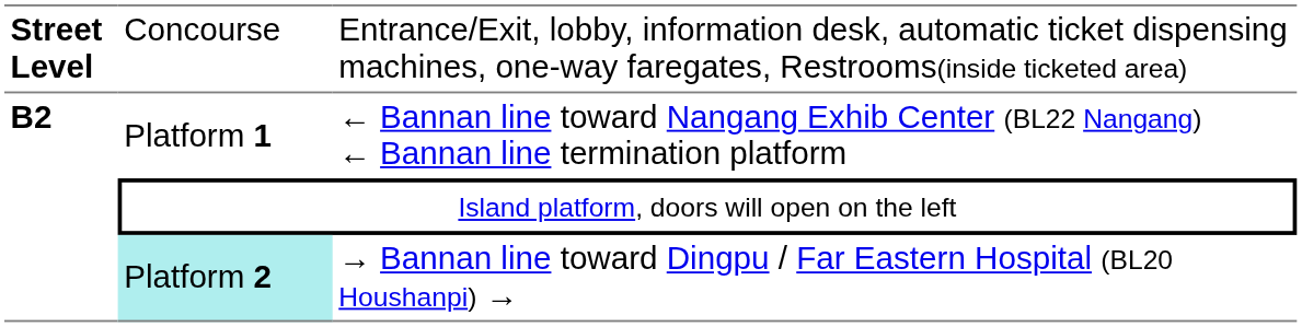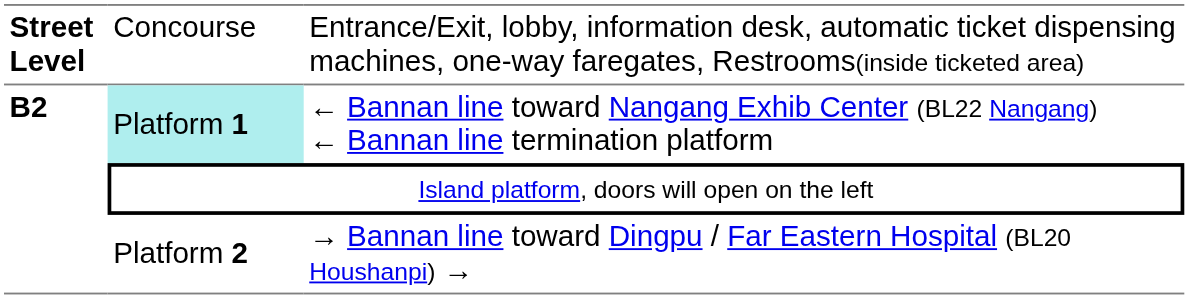 <table table border=0 cellspacing=0 cellpadding=3>
 <tr>
 <td style="border-top:solid 1px gray;border-bottom:solid 1px gray;" width=50 valign=top><strong>Street Level</strong></td>
 <td style="border-top:solid 1px gray;border-bottom:solid 1px gray;" width=100 valign=top>Concourse</td>
 <td style="border-top:solid 1px gray;border-bottom:solid 1px gray;" width=470 valign=top>Entrance/Exit, lobby, information desk, automatic ticket dispensing machines, one-way faregates, Restrooms<small>(inside ticketed area)</small></td>
 </tr>
 <tr>
 <td style="border-bottom:solid 1px gray;" rowspan=3 valign=top><strong>B2</strong></td>
-<td>Platform <span><strong>1</strong></span></td>
+<td style="background: paleturquoise;">Platform <span><strong>1</strong></span></td>
 <td>←  <a href='#'>Bannan line</a> toward <a href='#'>Nangang Exhib Center</a> <small>(BL22 <a href='#'>Nangang</a>)</small> <br>←  <a href='#'>Bannan line</a> termination platform</td>
 </tr>
 <tr>
 <td style="border-top:solid 2px black;border-right:solid 2px black;border-left:solid 2px black;border-bottom:solid 2px black;text-align:center;" colspan=2><small><a href='#'>Island platform</a>, doors will open on the left</small></td>
 </tr>
 <tr>
-<td style="background: paleturquoise; border-bottom:solid 1px gray;">Platform <span><strong>2</strong></span></td>
+<td style="border-bottom:solid 1px gray;">Platform <span><strong>2</strong></span></td>
 <td style="border-bottom:solid 1px gray;"><span>→</span>  <a href='#'>Bannan line</a> toward <a href='#'>Dingpu</a> / <a href='#'>Far Eastern Hospital</a> <small>(BL20 <a href='#'>Houshanpi</a>)</small> →</td>
 </tr>
 </table>
